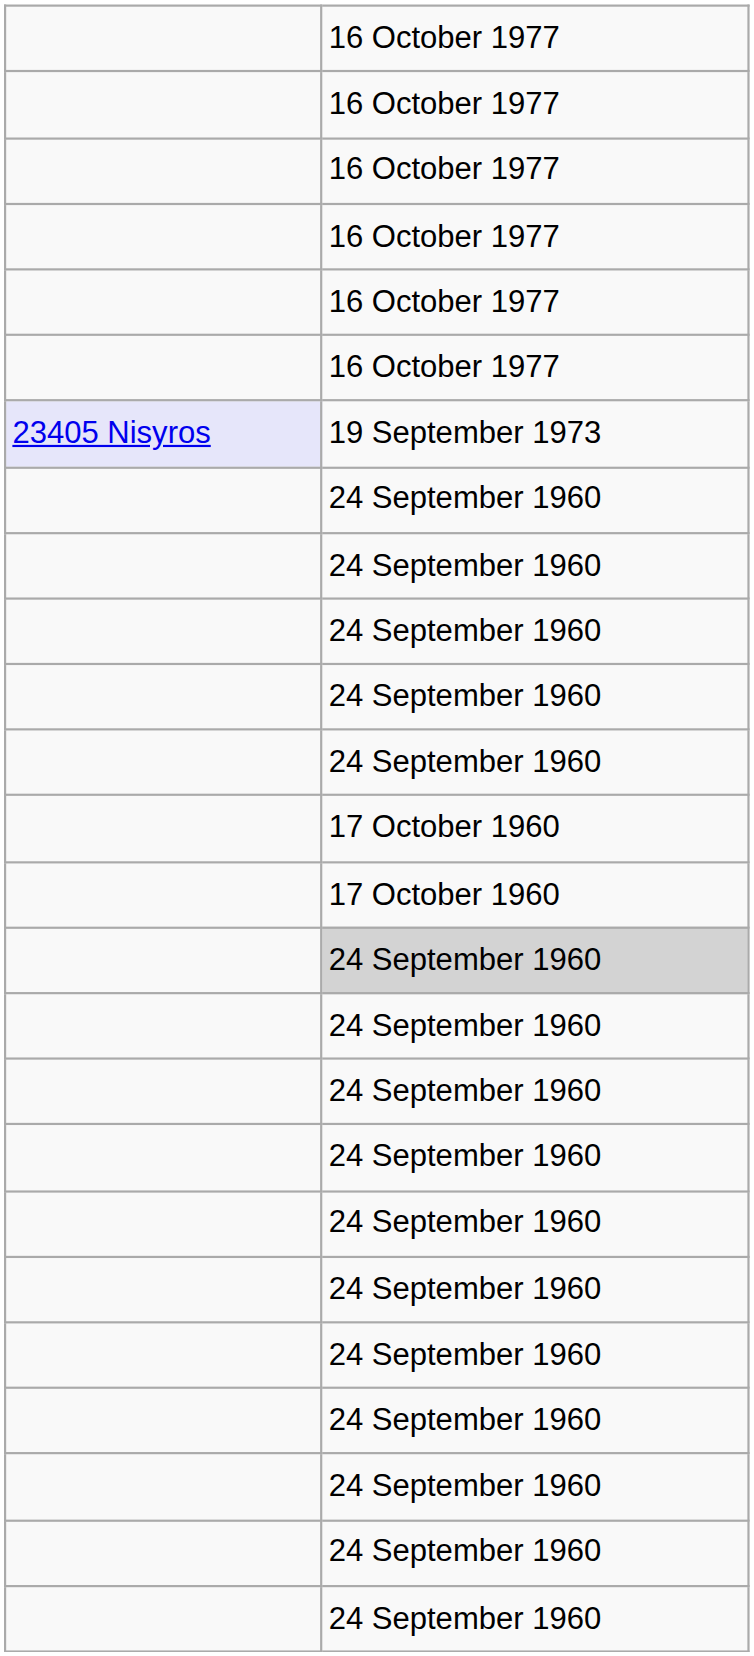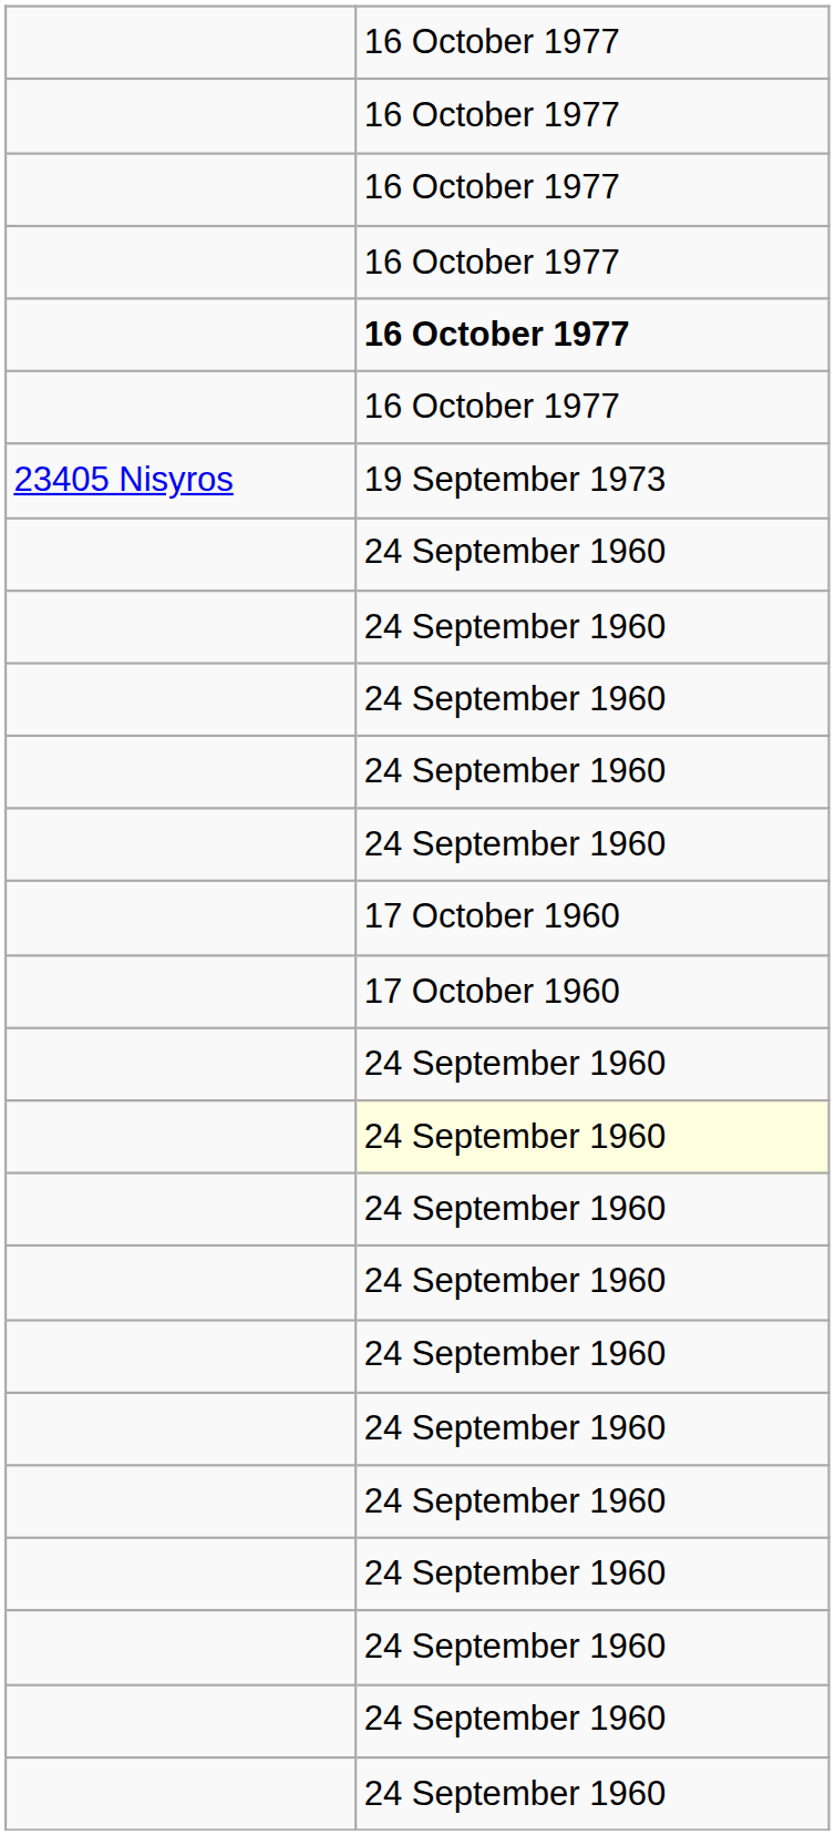 <table class="wikitable" style="font-size: 89%; float: left; width: 24em; margin-right: 1em; line-height: 1.65em">
 <tr>
 <td></td>
 <td>16 October 1977</td>
 </tr>
 <tr>
 <td></td>
 <td>16 October 1977</td>
 </tr>
 <tr>
 <td></td>
 <td>16 October 1977</td>
 </tr>
 <tr>
 <td></td>
 <td>16 October 1977</td>
 </tr>
 <tr>
 <td></td>
-<td>16 October 1977</td>
+<td><strong>16 October 1977</strong></td>
 </tr>
 <tr>
 <td></td>
 <td>16 October 1977</td>
 </tr>
 <tr>
-<td style="background: lavender;"><a href='#'>23405 Nisyros</a></td>
+<td><a href='#'>23405 Nisyros</a></td>
 <td>19 September 1973</td>
 </tr>
 <tr>
 <td></td>
 <td>24 September 1960</td>
 </tr>
 <tr>
 <td></td>
 <td>24 September 1960</td>
 </tr>
 <tr>
 <td></td>
 <td>24 September 1960</td>
 </tr>
 <tr>
 <td></td>
 <td>24 September 1960</td>
 </tr>
 <tr>
 <td></td>
 <td>24 September 1960</td>
 </tr>
 <tr>
 <td></td>
 <td>17 October 1960</td>
 </tr>
 <tr>
 <td></td>
 <td>17 October 1960</td>
 </tr>
 <tr>
 <td></td>
-<td style="background: lightgrey;">24 September 1960</td>
+<td>24 September 1960</td>
 </tr>
 <tr>
 <td></td>
-<td>24 September 1960</td>
+<td style="background: lightyellow;">24 September 1960</td>
 </tr>
 <tr>
 <td></td>
 <td>24 September 1960</td>
 </tr>
 <tr>
 <td></td>
 <td>24 September 1960</td>
 </tr>
 <tr>
 <td></td>
 <td>24 September 1960</td>
 </tr>
 <tr>
 <td></td>
 <td>24 September 1960</td>
 </tr>
 <tr>
 <td></td>
 <td>24 September 1960</td>
 </tr>
 <tr>
 <td></td>
 <td>24 September 1960</td>
 </tr>
 <tr>
 <td></td>
 <td>24 September 1960</td>
 </tr>
 <tr>
 <td></td>
 <td>24 September 1960</td>
 </tr>
 <tr>
 <td></td>
 <td>24 September 1960</td>
 </tr>
 </table>
